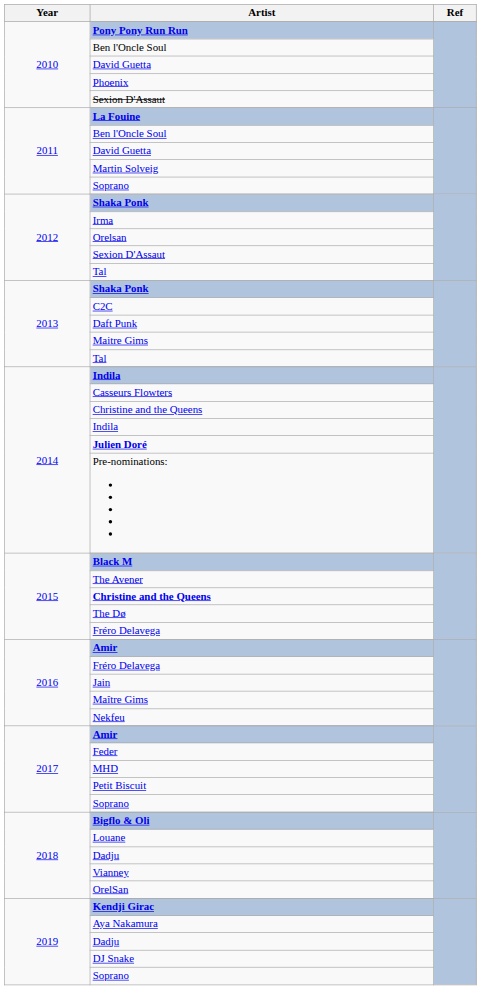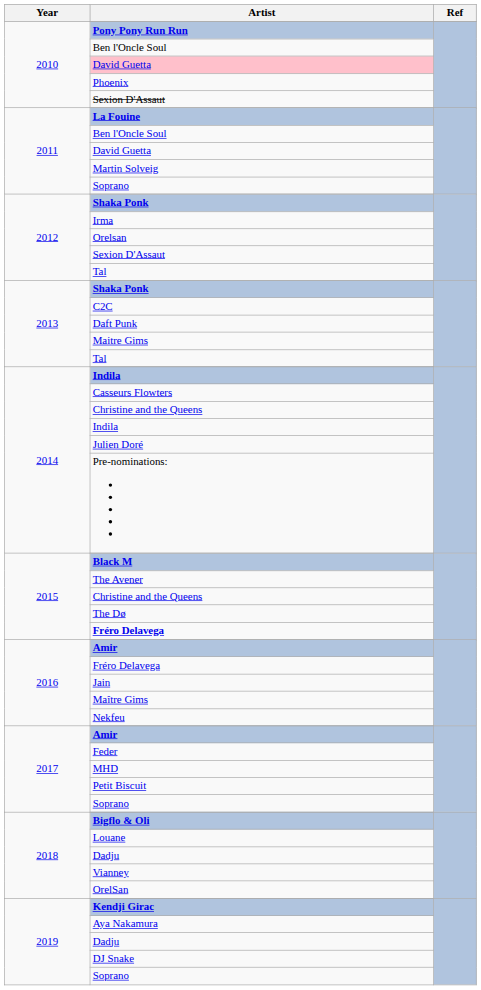 <table class="wikitable" style="width:55%;">
 <tr style="background:#bebebe;">
 <th style="width:10%;">Year</th>
 <th style="width:40%;">Artist</th>
 <th style="width:5%;">Ref</th>
 </tr>
 <tr>
 <td rowspan="6" align="center"><a href='#'>2010</a></td>
 </tr>
 <tr style="background:#B0C4DE">
 <td><strong><a href='#'>Pony Pony Run Run</a></strong></td>
 <td rowspan="6" align="center"></td>
 </tr>
 <tr>
 <td>Ben l'Oncle Soul</td>
 </tr>
 <tr>
-<td><a href='#'>David Guetta</a></td>
+<td style="background: pink;"><a href='#'>David Guetta</a></td>
 </tr>
 <tr>
 <td><a href='#'>Phoenix</a></td>
 </tr>
 <tr>
 <td><s>Sexion D'Assaut</s></td>
 </tr>
 <tr>
 <td rowspan="6" align="center"><a href='#'>2011</a></td>
 </tr>
 <tr style="background:#B0C4DE">
 <td><strong><a href='#'>La Fouine</a></strong></td>
 <td rowspan="6" align="center"></td>
 </tr>
 <tr>
 <td><a href='#'>Ben l'Oncle Soul</a></td>
 </tr>
 <tr>
 <td><a href='#'>David Guetta</a></td>
 </tr>
 <tr>
 <td><a href='#'>Martin Solveig</a></td>
 </tr>
 <tr>
 <td><a href='#'>Soprano</a></td>
 </tr>
 <tr>
 <td rowspan="6" align="center"><a href='#'>2012</a></td>
 </tr>
 <tr style="background:#B0C4DE">
 <td><strong><a href='#'>Shaka Ponk</a></strong></td>
 <td rowspan="6" align="center"></td>
 </tr>
 <tr>
 <td><a href='#'>Irma</a></td>
 </tr>
 <tr>
 <td><a href='#'>Orelsan</a></td>
 </tr>
 <tr>
 <td><a href='#'>Sexion D'Assaut</a></td>
 </tr>
 <tr>
 <td><a href='#'>Tal</a></td>
 </tr>
 <tr>
 <td rowspan="6" align="center"><a href='#'>2013</a></td>
 </tr>
 <tr style="background:#B0C4DE">
 <td><strong><a href='#'>Shaka Ponk</a></strong></td>
 <td rowspan="6" align="center"></td>
 </tr>
 <tr>
 <td><a href='#'>C2C</a></td>
 </tr>
 <tr>
 <td><a href='#'>Daft Punk</a></td>
 </tr>
 <tr>
 <td><a href='#'>Maitre Gims</a></td>
 </tr>
 <tr>
 <td><a href='#'>Tal</a></td>
 </tr>
 <tr>
 <td rowspan="7" align="center"><a href='#'>2014</a></td>
 </tr>
 <tr style="background:#B0C4DE">
 <td><strong><a href='#'>Indila</a></strong></td>
 <td rowspan="7" align="center"></td>
 </tr>
 <tr>
 <td><a href='#'>Casseurs Flowters</a></td>
 </tr>
 <tr>
 <td><a href='#'>Christine and the Queens</a></td>
 </tr>
 <tr>
 <td><a href='#'>Indila</a></td>
 </tr>
 <tr>
-<td><strong><a href='#'>Julien Doré</a></strong></td>
+<td><a href='#'>Julien Doré</a></td>
 </tr>
 <tr>
 <td>Pre-nominations:<br><ul><li></li><li></li><li></li><li></li><li></li></ul></td>
 </tr>
 <tr>
 <td rowspan="6" align="center"><a href='#'>2015</a></td>
 </tr>
 <tr style="background:#B0C4DE">
 <td><strong><a href='#'>Black M</a></strong></td>
 <td rowspan="6" align="center"></td>
 </tr>
 <tr>
 <td><a href='#'>The Avener</a></td>
 </tr>
 <tr>
-<td><strong><a href='#'>Christine and the Queens</a></strong></td>
+<td><a href='#'>Christine and the Queens</a></td>
 </tr>
 <tr>
 <td><a href='#'>The Dø</a></td>
 </tr>
 <tr>
-<td><a href='#'>Fréro Delavega</a></td>
+<td><strong><a href='#'>Fréro Delavega</a></strong></td>
 </tr>
 <tr>
 <td rowspan="6" align="center"><a href='#'>2016</a></td>
 </tr>
 <tr style="background:#B0C4DE">
 <td><strong><a href='#'>Amir</a></strong></td>
 <td rowspan="6" align="center"></td>
 </tr>
 <tr>
 <td><a href='#'>Fréro Delavega</a></td>
 </tr>
 <tr>
 <td><a href='#'>Jain</a></td>
 </tr>
 <tr>
 <td><a href='#'>Maître Gims</a></td>
 </tr>
 <tr>
 <td><a href='#'>Nekfeu</a></td>
 </tr>
 <tr>
 <td rowspan="6" align="center"><a href='#'>2017</a></td>
 </tr>
 <tr style="background:#B0C4DE">
 <td><strong><a href='#'>Amir</a></strong></td>
 <td rowspan="6" align="center"></td>
 </tr>
 <tr>
 <td><a href='#'>Feder</a></td>
 </tr>
 <tr>
 <td><a href='#'>MHD</a></td>
 </tr>
 <tr>
 <td><a href='#'>Petit Biscuit</a></td>
 </tr>
 <tr>
 <td><a href='#'>Soprano</a></td>
 </tr>
 <tr>
 <td rowspan="6" align="center"><a href='#'>2018</a></td>
 </tr>
 <tr style="background:#B0C4DE">
 <td><strong><a href='#'>Bigflo & Oli</a></strong></td>
 <td rowspan="6" align="center"></td>
 </tr>
 <tr>
 <td><a href='#'>Louane</a></td>
 </tr>
 <tr>
 <td><a href='#'>Dadju</a></td>
 </tr>
 <tr>
 <td><a href='#'>Vianney</a></td>
 </tr>
 <tr>
 <td><a href='#'>OrelSan</a></td>
 </tr>
 <tr>
 <td rowspan="6" align="center"><a href='#'>2019</a></td>
 </tr>
 <tr style="background:#B0C4DE">
 <td><strong><a href='#'>Kendji Girac</a></strong></td>
 <td rowspan="6" align="center"></td>
 </tr>
 <tr>
 <td><a href='#'>Aya Nakamura</a></td>
 </tr>
 <tr>
 <td><a href='#'>Dadju</a></td>
 </tr>
 <tr>
 <td><a href='#'>DJ Snake</a></td>
 </tr>
 <tr>
 <td><a href='#'>Soprano</a></td>
 </tr>
 </table>
